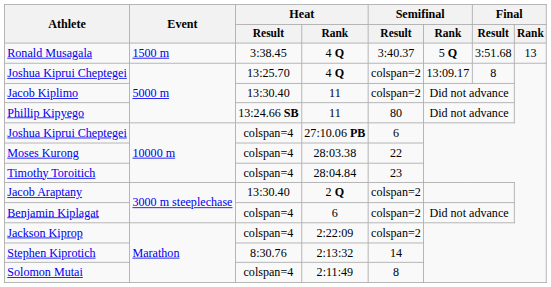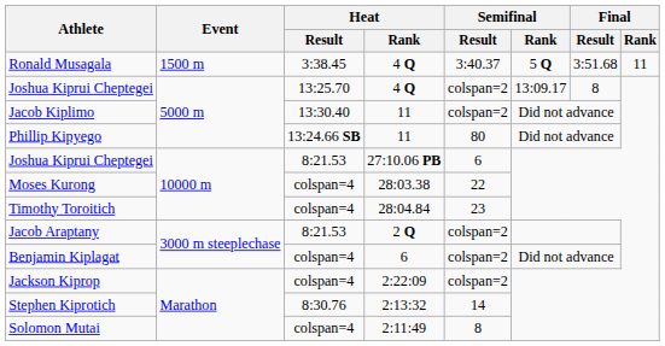 <table class="wikitable" style="font-size:90%">
 <tr>
 <th rowspan="2">Athlete</th>
 <th rowspan="2">Event</th>
 <th colspan="2">Heat</th>
 <th colspan="2">Semifinal</th>
 <th colspan="2">Final</th>
 </tr>
 <tr style="font-size:95%">
 <th>Result</th>
 <th>Rank</th>
 <th>Result</th>
 <th>Rank</th>
 <th>Result</th>
 <th>Rank</th>
 </tr>
 <tr align=center>
 <td align=left><a href='#'>Ronald Musagala</a></td>
 <td align=left><a href='#'>1500 m</a></td>
 <td>3:38.45</td>
 <td>4 <strong>Q</strong></td>
 <td>3:40.37</td>
 <td>5 <strong>Q</strong></td>
 <td>3:51.68</td>
-<td>13</td>
+<td>11</td>
 </tr>
 <tr align=center>
 <td align=left><a href='#'>Joshua Kiprui Cheptegei</a></td>
 <td align=left rowspan=3><a href='#'>5000 m</a></td>
 <td>13:25.70</td>
 <td>4 <strong>Q</strong></td>
 <td>colspan=2 </td>
 <td>13:09.17</td>
 <td>8</td>
 </tr>
 <tr align=center>
 <td align=left><a href='#'>Jacob Kiplimo</a></td>
 <td>13:30.40</td>
 <td>11</td>
 <td>colspan=2 </td>
 <td colspan=2>Did not advance</td>
 </tr>
 <tr align=center>
 <td align=left><a href='#'>Phillip Kipyego</a></td>
 <td>13:24.66 <strong>SB</strong></td>
 <td>11</td>
 <td>80</td>
 <td colspan=2>Did not advance</td>
 </tr>
 <tr align=center>
 <td align=left><a href='#'>Joshua Kiprui Cheptegei</a></td>
 <td align=left rowspan=3><a href='#'>10000 m</a></td>
-<td>colspan=4 </td>
+<td>8:21.53</td>
 <td>27:10.06 <strong>PB</strong></td>
 <td>6</td>
 </tr>
 <tr align=center>
 <td align=left><a href='#'>Moses Kurong</a></td>
 <td>colspan=4 </td>
 <td>28:03.38</td>
 <td>22</td>
 </tr>
 <tr align=center>
 <td align=left><a href='#'>Timothy Toroitich</a></td>
 <td>colspan=4 </td>
 <td>28:04.84</td>
 <td>23</td>
 </tr>
 <tr align=center>
 <td align=left><a href='#'>Jacob Araptany</a></td>
 <td align=left rowspan=2><a href='#'>3000 m steeplechase</a></td>
-<td>13:30.40</td>
+<td>8:21.53</td>
 <td>2 <strong>Q</strong></td>
 <td>colspan=2 </td>
 <td colspan=2></td>
 </tr>
 <tr align=center>
 <td align=left><a href='#'>Benjamin Kiplagat</a></td>
 <td>colspan=4 </td>
 <td>6</td>
 <td>colspan=2 </td>
 <td colspan=2>Did not advance</td>
 </tr>
 <tr align=center>
 <td align=left><a href='#'>Jackson Kiprop</a></td>
 <td align=left rowspan=3><a href='#'>Marathon</a></td>
 <td>colspan=4 </td>
 <td>2:22:09</td>
 <td>colspan=2 </td>
 </tr>
 <tr align=center>
 <td align=left><a href='#'>Stephen Kiprotich</a></td>
 <td>8:30.76</td>
 <td>2:13:32</td>
 <td>14</td>
 </tr>
 <tr align=center>
 <td align=left><a href='#'>Solomon Mutai</a></td>
 <td>colspan=4 </td>
 <td>2:11:49</td>
 <td>8</td>
 </tr>
 </table>
